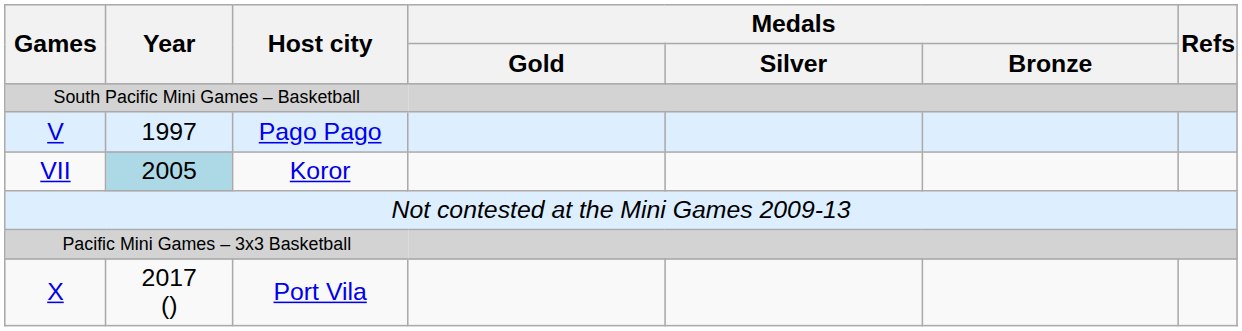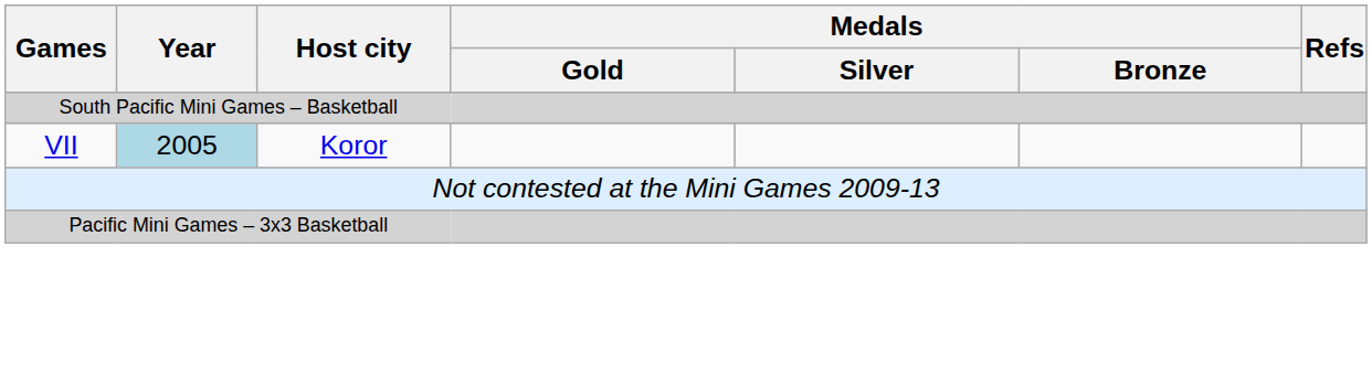 <table class=wikitable style="text-align:center;">
 <tr>
 <th rowspan="2" style="width:3.9em; padding:1px;">Games</th>
 <th rowspan="2" style="width:4.9em; padding:1px;">Year</th>
 <th rowspan="2" style="width:6.9em; padding:1px;">Host city</th>
 <th colspan="3">Medals</th>
 <th rowspan="2" style="width:2.1em; padding:1px;">Refs</th>
 </tr>
 <tr>
 <th style="width:9.9em;">Gold</th>
 <th style="width:9.9em;">Silver</th>
 <th style="width:9.9em;">Bronze</th>
 </tr>
 <tr bgcolor=lightgrey style="line-height:13px; font-size:72%; text-align:center;">
 <td colspan="3" style="border-right:0px;">South Pacific Mini Games – Basketball</td>
 <td colspan="4" style="border-left:0px;"> </td>
 </tr>
-<tr bgcolor=#ddeeff>
-<td><a href='#'>V</a></td>
-<td>1997 </td>
-<td><a href='#'>Pago Pago</a></td>
-<td></td>
-<td></td>
-<td></td>
-<td></td>
-</tr>
 <tr>
 <td><a href='#'>VII</a></td>
 <td style="background: lightblue;">2005 </td>
 <td><a href='#'>Koror</a></td>
 <td><br></td>
 <td></td>
 <td></td>
 <td style="line-height:0.7;"></td>
 </tr>
 <tr bgcolor=#ddeeff>
 <td colspan="7" align=center><em>Not contested at the Mini Games 2009-13</em></td>
 </tr>
 <tr bgcolor=lightgrey style="line-height:13px; font-size:72%; text-align:center;">
 <td colspan="3" style="border-right:0px;">Pacific Mini Games – 3x3 Basketball</td>
 <td colspan="4" style="border-left:0px;"> </td>
 </tr>
-<tr>
-<td><a href='#'>X</a></td>
-<td>2017<br> ()</td>
-<td><a href='#'>Port Vila</a></td>
-<td><br></td>
-<td><br></td>
-<td><br></td>
-<td style="line-height:0.7;"><br><br></td>
-</tr>
 </table>
